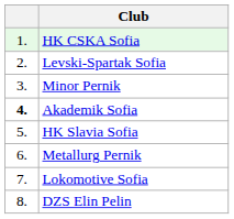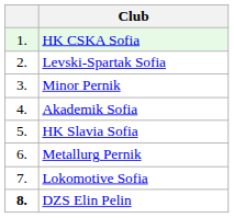 <table class="wikitable">
 <tr>
 <th width="30"></th>
 <th width="200">Club</th>
 </tr>
 <tr bgcolor="#e6fae6" align="center">
 <td>1.</td>
 <td align="left"><a href='#'>HK CSKA Sofia</a></td>
 </tr>
 <tr bgcolor="#FFFFFF" align="center">
 <td>2.</td>
 <td align="left"><a href='#'>Levski-Spartak Sofia</a></td>
 </tr>
 <tr bgcolor="#FFFFFF" align="center">
 <td>3.</td>
 <td align="left"><a href='#'>Minor Pernik</a></td>
 </tr>
 <tr bgcolor="#FFFFFF" align="center">
-<td><strong>4.</strong></td>
+<td>4.</td>
 <td align="left"><a href='#'>Akademik Sofia</a></td>
 </tr>
 <tr bgcolor="#FFFFFF" align="center">
 <td>5.</td>
 <td align="left"><a href='#'>HK Slavia Sofia</a></td>
 </tr>
 <tr bgcolor="#FFFFFF" align="center">
 <td>6.</td>
 <td align="left"><a href='#'>Metallurg Pernik</a></td>
 </tr>
 <tr bgcolor="#FFFFFF" align="center">
 <td>7.</td>
 <td align="left"><a href='#'>Lokomotive Sofia</a></td>
 </tr>
 <tr bgcolor="#FFFFFF" align="center">
-<td>8.</td>
+<td><strong>8.</strong></td>
 <td align="left"><a href='#'>DZS Elin Pelin</a></td>
 </tr>
 </table>
